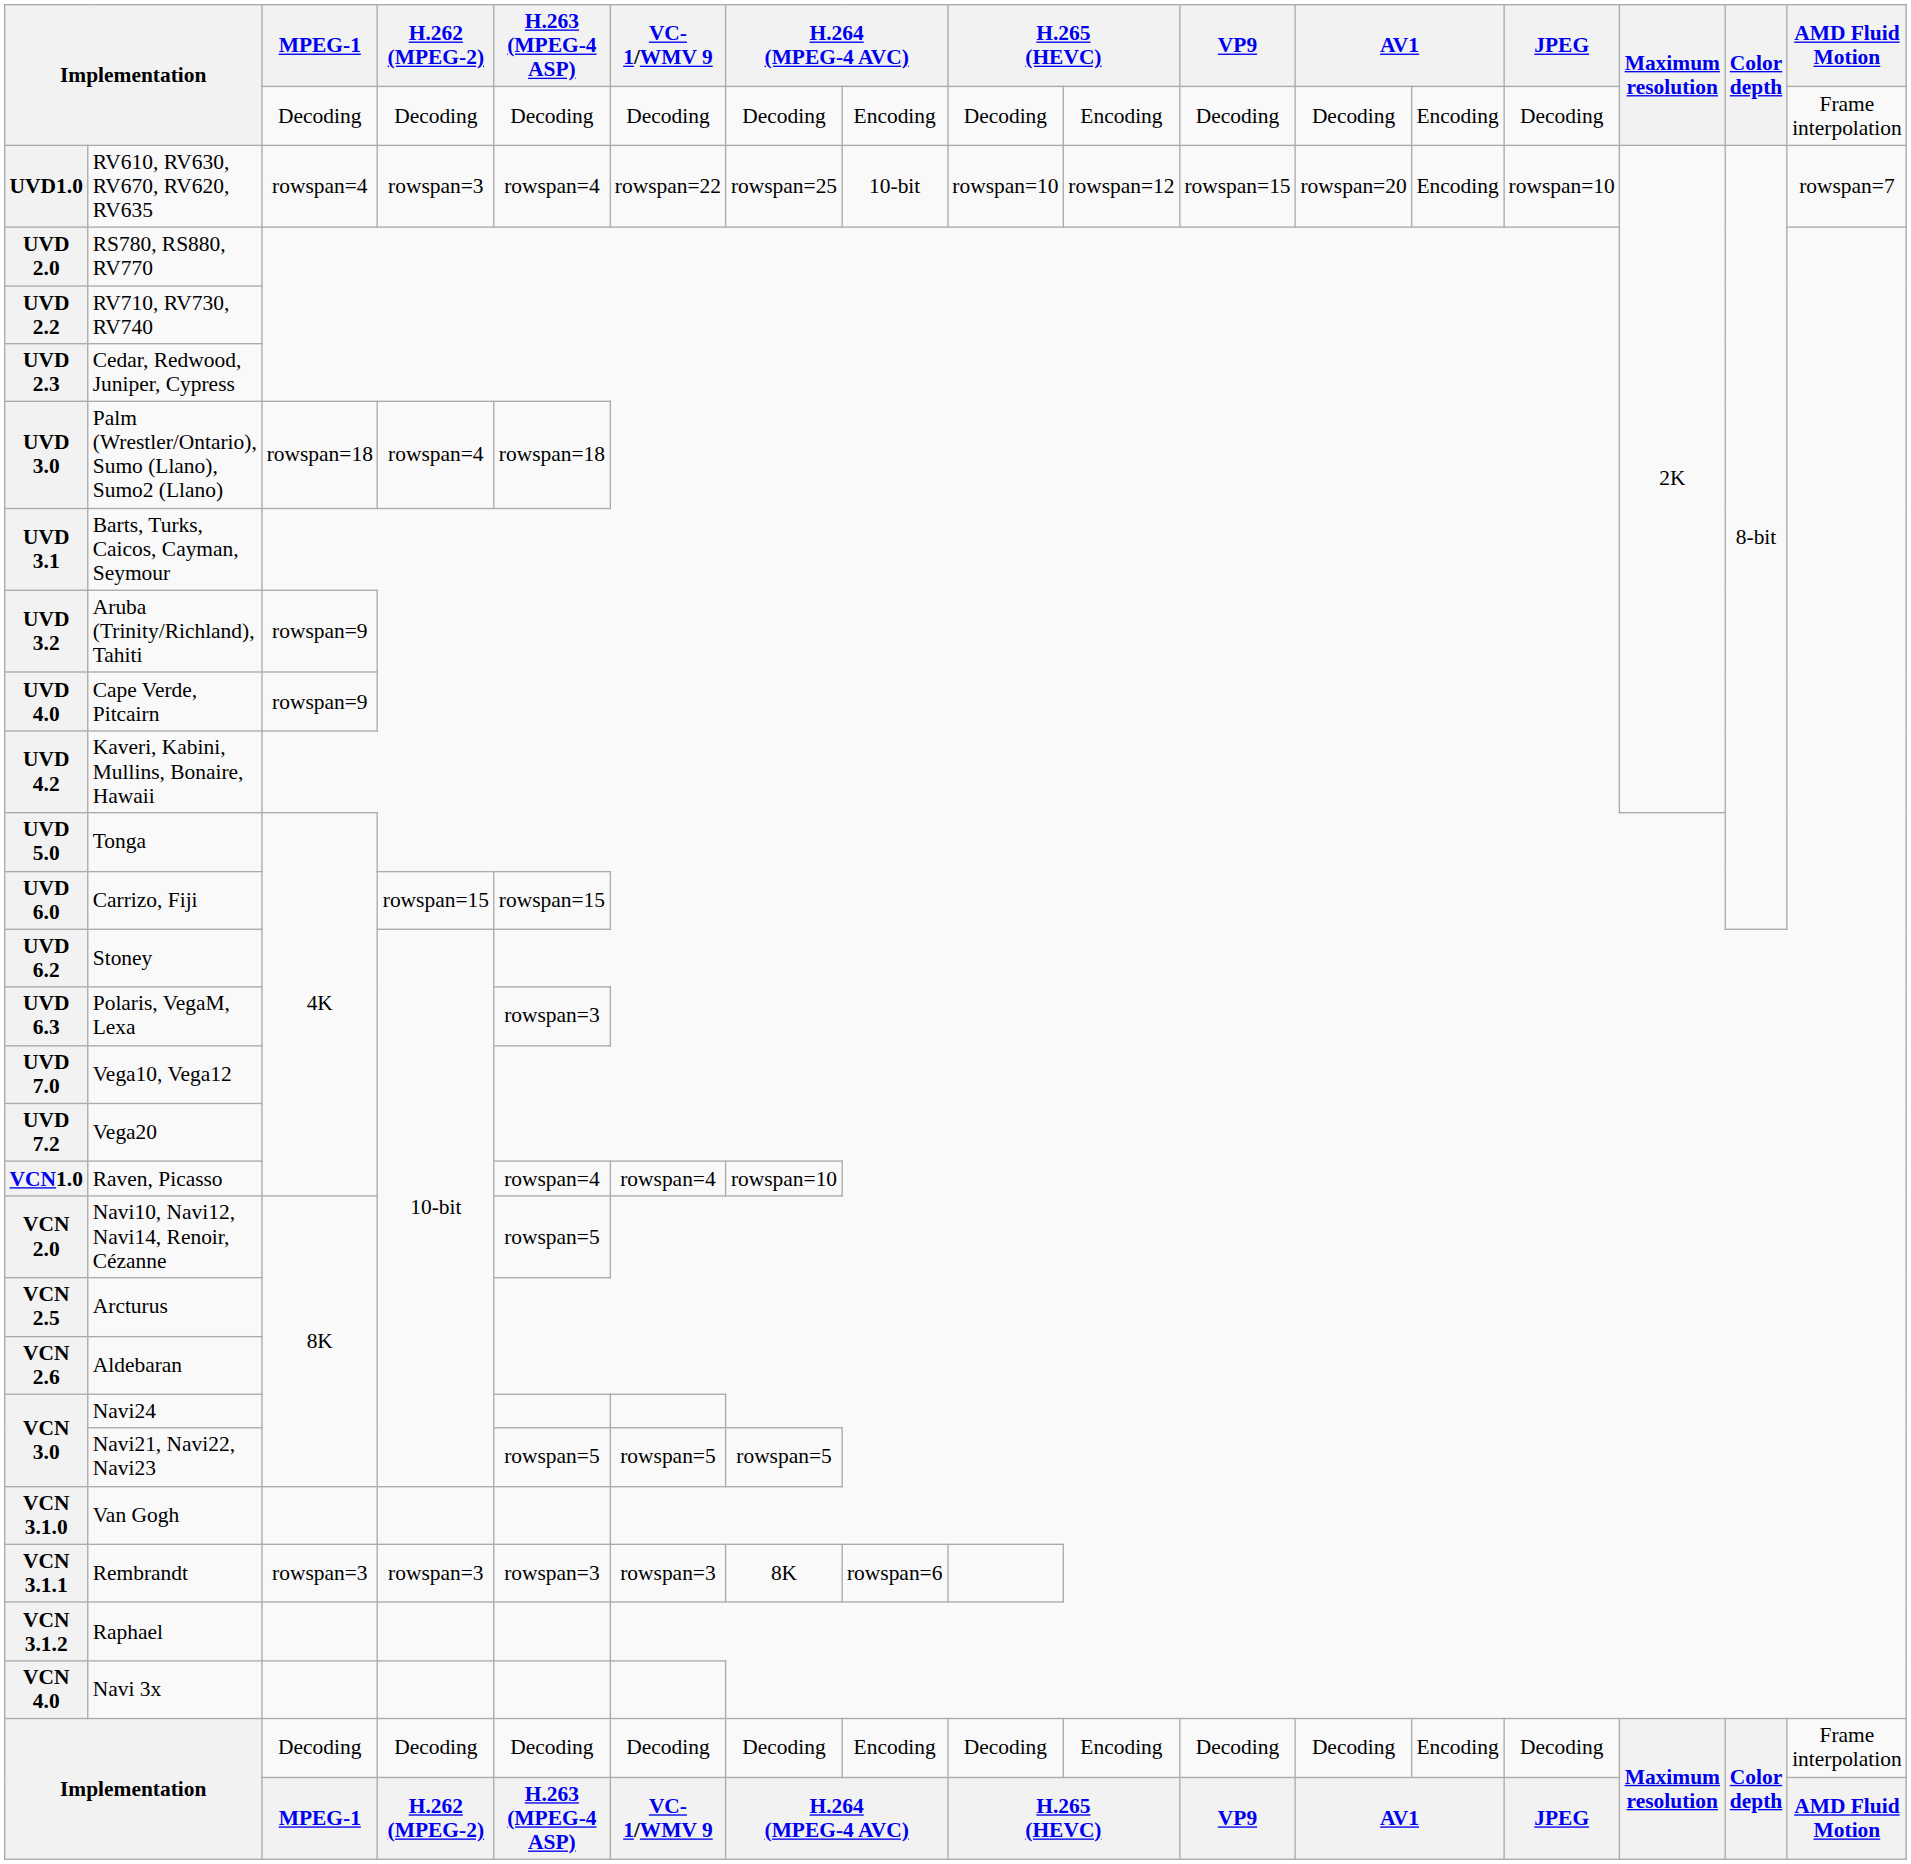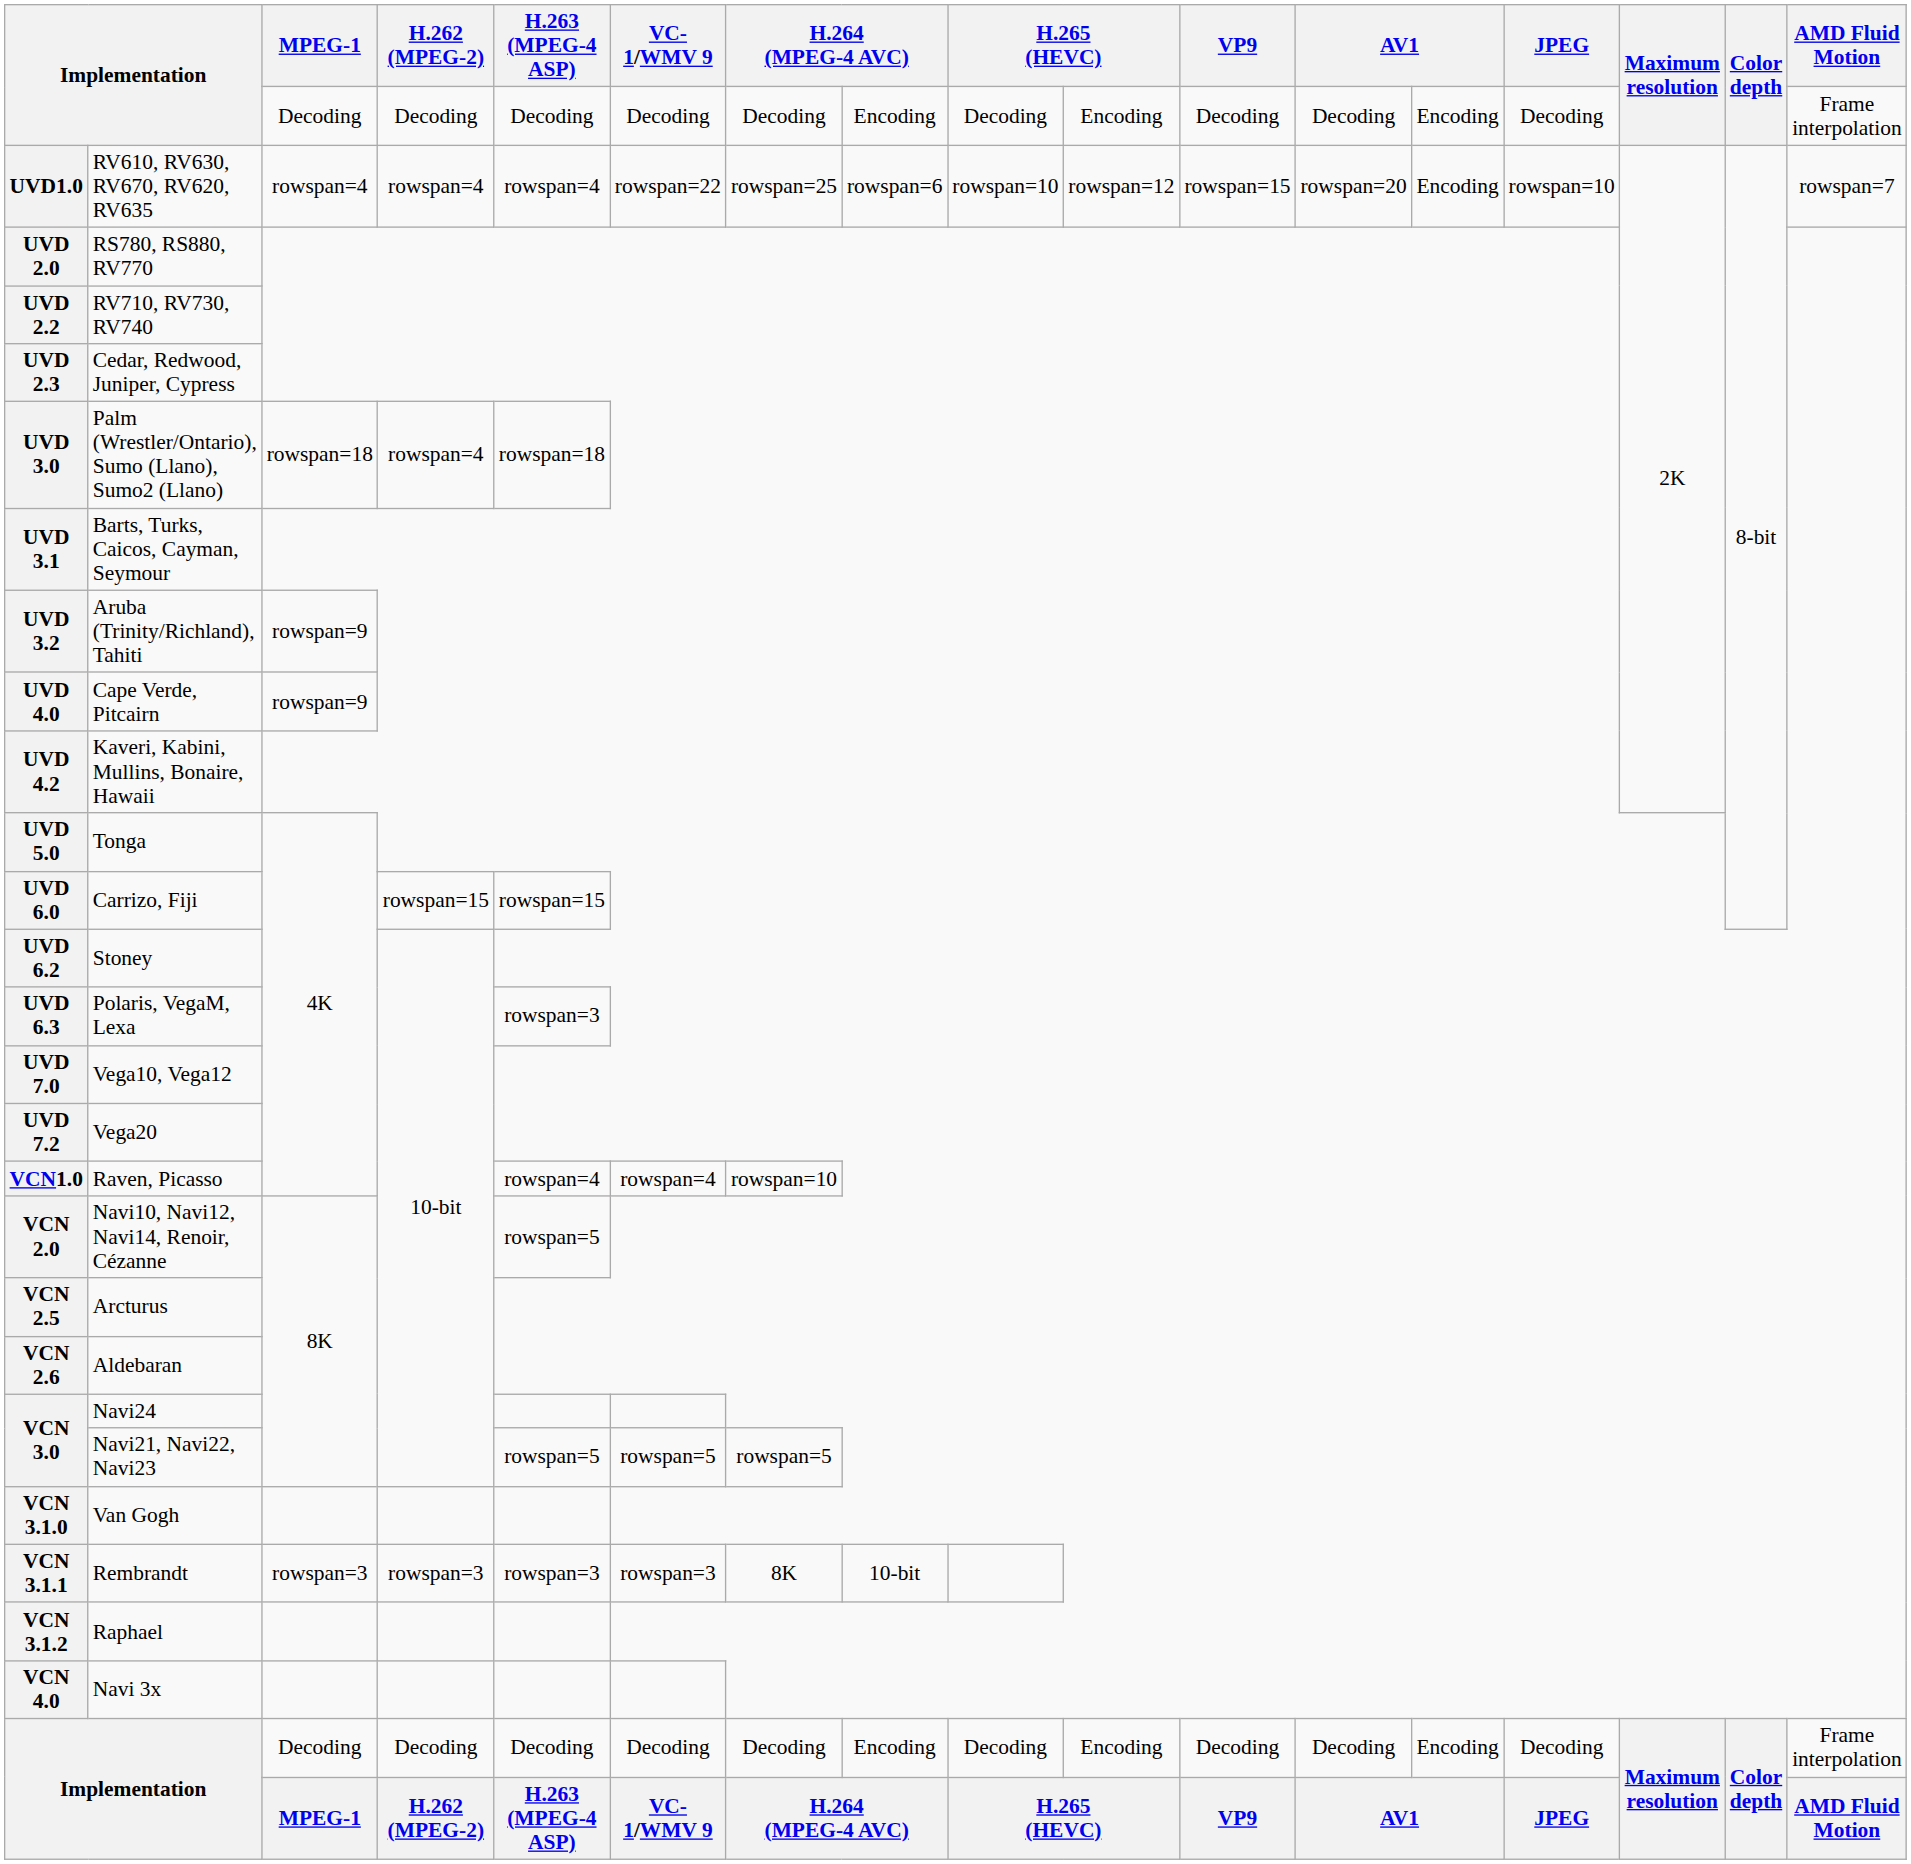 <table class="wikitable" style="text-align: center;">
 <tr>
 <th rowspan=2 colspan=2 style="width: 20%;">Implementation</th>
 <th style="width: 5%;"><a href='#'>MPEG-1</a></th>
 <th style="width: 5%;"><a href='#'>H.262<br>(MPEG-2)</a></th>
 <th style="width: 6%;"><a href='#'>H.263<br>(MPEG-4 ASP)</a></th>
 <th style="width: 5%;"><a href='#'>VC-1</a>/<a href='#'>WMV 9</a></th>
 <th colspan=2 style="width: 10%;"><a href='#'>H.264<br>(MPEG-4 AVC)</a></th>
 <th colspan=2 style="width: 10%;"><a href='#'>H.265<br>(HEVC)</a></th>
 <th style="width: 5%;"><a href='#'>VP9</a></th>
 <th colspan=2 style="width: 10%;"><a href='#'>AV1</a></th>
 <th style="width: 5%;"><a href='#'>JPEG</a></th>
 <th rowspan=2 style="width: 5%;"><a href='#'>Maximum resolution</a></th>
 <th rowspan=2 style="width: 5%;"><a href='#'>Color depth</a></th>
 <th style="width: 5%;"><a href='#'>AMD Fluid Motion</a></th>
 </tr>
 <tr>
 <td>Decoding</td>
 <td>Decoding</td>
 <td>Decoding</td>
 <td>Decoding</td>
 <td>Decoding</td>
 <td>Encoding</td>
 <td>Decoding</td>
 <td>Encoding</td>
 <td>Decoding</td>
 <td>Decoding</td>
 <td>Encoding</td>
 <td>Decoding</td>
 <td>Frame interpolation</td>
 </tr>
 <tr>
 <th style="width: 5%;">UVD1.0</th>
 <td style="width: 15%; text-align: left;">RV610, RV630, RV670, RV620, RV635</td>
 <td>rowspan=4 </td>
-<td>rowspan=3 </td>
+<td>rowspan=4 </td>
 <td>rowspan=4 </td>
 <td>rowspan=22 </td>
 <td>rowspan=25 </td>
-<td>10-bit</td>
+<td>rowspan=6 </td>
 <td>rowspan=10 </td>
 <td>rowspan=12 </td>
 <td>rowspan=15 </td>
 <td>rowspan=20 </td>
 <td>Encoding</td>
 <td>rowspan=10 </td>
 <td rowspan=9>2K</td>
 <td rowspan=11>8-bit</td>
 <td>rowspan=7 </td>
 </tr>
 <tr>
 <th>UVD 2.0</th>
 <td style="text-align: left;">RS780, RS880, RV770</td>
 </tr>
 <tr>
 <th>UVD 2.2</th>
 <td style="text-align: left;">RV710, RV730, RV740</td>
 </tr>
 <tr>
 <th>UVD 2.3</th>
 <td style="text-align: left;">Cedar, Redwood, Juniper, Cypress</td>
 </tr>
 <tr>
 <th>UVD 3.0</th>
 <td style="text-align: left;">Palm (Wrestler/Ontario), Sumo (Llano), Sumo2 (Llano)</td>
 <td>rowspan=18 </td>
 <td>rowspan=4 </td>
 <td>rowspan=18 </td>
 </tr>
 <tr>
 <th>UVD 3.1</th>
 <td style="text-align: left;">Barts, Turks, Caicos, Cayman, Seymour</td>
 </tr>
 <tr>
 <th>UVD 3.2</th>
 <td style="text-align: left;">Aruba (Trinity/Richland), Tahiti</td>
 <td>rowspan=9 </td>
 </tr>
 <tr>
 <th>UVD 4.0</th>
 <td style="text-align: left;">Cape Verde, Pitcairn</td>
 <td>rowspan=9 </td>
 </tr>
 <tr>
 <th>UVD 4.2</th>
 <td style="text-align: left;">Kaveri, Kabini, Mullins, Bonaire, Hawaii</td>
 </tr>
 <tr>
 <th>UVD 5.0</th>
 <td style="text-align: left;">Tonga</td>
 <td rowspan=7>4K</td>
 </tr>
 <tr>
 <th>UVD 6.0</th>
 <td style="text-align: left;">Carrizo, Fiji</td>
 <td>rowspan=15 </td>
 <td>rowspan=15 </td>
 </tr>
 <tr>
 <th>UVD 6.2</th>
 <td style="text-align: left;">Stoney</td>
 <td rowspan=10>10-bit</td>
 </tr>
 <tr>
 <th>UVD 6.3</th>
 <td style="text-align: left;">Polaris, VegaM, Lexa</td>
 <td>rowspan=3 </td>
 </tr>
 <tr>
 <th>UVD 7.0</th>
 <td style="text-align: left;">Vega10, Vega12</td>
 </tr>
 <tr>
 <th>UVD 7.2</th>
 <td style="text-align: left;">Vega20</td>
 </tr>
 <tr>
 <th><a href='#'>VCN</a>1.0</th>
 <td style="text-align: left;">Raven, Picasso</td>
 <td>rowspan=4 </td>
 <td>rowspan=4 </td>
 <td>rowspan=10 </td>
 </tr>
 <tr>
 <th>VCN 2.0</th>
 <td style="text-align: left;">Navi10, Navi12, Navi14, Renoir, Cézanne</td>
 <td rowspan=5>8K</td>
 <td>rowspan=5 </td>
 </tr>
 <tr>
 <th>VCN 2.5</th>
 <td style="text-align: left;">Arcturus</td>
 </tr>
 <tr>
 <th>VCN 2.6</th>
 <td style="text-align: left;">Aldebaran</td>
 </tr>
 <tr>
 <th rowspan="2">VCN 3.0</th>
 <td style="text-align: left;">Navi24</td>
 <td></td>
 <td></td>
 </tr>
 <tr>
 <td style="text-align: left;">Navi21, Navi22, Navi23</td>
 <td>rowspan=5 </td>
 <td>rowspan=5 </td>
 <td>rowspan=5 </td>
 </tr>
 <tr>
 <th>VCN 3.1.0</th>
 <td style="text-align: left;">Van Gogh</td>
 <td></td>
 <td></td>
 <td></td>
 </tr>
 <tr>
 <th>VCN 3.1.1</th>
 <td style="text-align: left;">Rembrandt</td>
 <td>rowspan=3 </td>
 <td>rowspan=3 </td>
 <td>rowspan=3 </td>
 <td>rowspan=3 </td>
 <td>8K</td>
-<td>rowspan=6 </td>
+<td>10-bit</td>
 <td></td>
 </tr>
 <tr>
 <th>VCN 3.1.2</th>
 <td style="text-align: left;">Raphael</td>
 <td></td>
 <td></td>
 <td></td>
 </tr>
 <tr>
 <th>VCN 4.0</th>
 <td style="text-align: left;">Navi 3x</td>
 <td></td>
 <td></td>
 <td></td>
 <td></td>
 </tr>
 <tr>
 <th rowspan=2 colspan=2 style="width: 50%;">Implementation</th>
 <td>Decoding</td>
 <td>Decoding</td>
 <td>Decoding</td>
 <td>Decoding</td>
 <td>Decoding</td>
 <td>Encoding</td>
 <td>Decoding</td>
 <td>Encoding</td>
 <td>Decoding</td>
 <td>Decoding</td>
 <td>Encoding</td>
 <td>Decoding</td>
 <th rowspan=2><a href='#'>Maximum resolution</a></th>
 <th rowspan=2><a href='#'>Color depth</a></th>
 <td>Frame interpolation</td>
 </tr>
 <tr>
 <th><a href='#'>MPEG-1</a></th>
 <th><a href='#'>H.262<br>(MPEG-2)</a></th>
 <th><a href='#'>H.263<br>(MPEG-4 ASP)</a></th>
 <th><a href='#'>VC-1</a>/<a href='#'>WMV 9</a></th>
 <th colspan=2><a href='#'>H.264<br>(MPEG-4 AVC)</a></th>
 <th colspan=2><a href='#'>H.265<br>(HEVC)</a></th>
 <th><a href='#'>VP9</a></th>
 <th colspan=2><a href='#'>AV1</a></th>
 <th><a href='#'>JPEG</a></th>
 <th><a href='#'>AMD Fluid Motion</a></th>
 </tr>
 </table>
